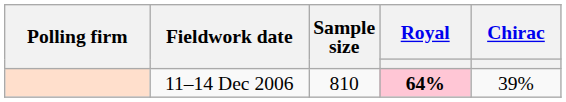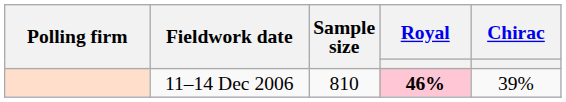 <table class="wikitable sortable" style="text-align:center;font-size:90%;line-height:14px;">
 <tr style="height:40px;">
 <th style="width:100px;" rowspan="2">Polling firm</th>
 <th style="width:110px;" rowspan="2">Fieldwork date</th>
 <th style="width:35px;" rowspan="2">Sample<br>size</th>
 <th class="unsortable" style="width:60px;"><a href='#'>Royal</a><br></th>
 <th class="unsortable" style="width:60px;"><a href='#'>Chirac</a><br></th>
 </tr>
 <tr>
 <th style="background:"></th>
 <th style="background:"></th>
 </tr>
 <tr>
 <td style="background:#FFDFCC;"></td>
 <td data-sort-value="2006-12-14">11–14 Dec 2006</td>
 <td>810</td>
-<td style="background:#FFC6D5;"><strong>64%</strong></td>
+<td style="background:#FFC6D5;"><strong>46%</strong></td>
 <td>39%</td>
 </tr>
 </table>
